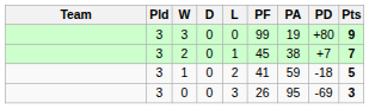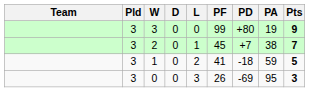 <table class="wikitable" style="text-align:center;">
 <tr>
 <th width=175>Team</th>
 <th width=25 abbr="Played">Pld</th>
 <th width=25 abbr="Won">W</th>
 <th width=25 abbr="Drawn">D</th>
 <th width=25 abbr="Lost">L</th>
 <th width=32 abbr="Points for">PF</th>
+<th width=32 abbr="Points difference">PD</th>
 <th width=32 abbr="Points against">PA</th>
-<th width=32 abbr="Points difference">PD</th>
 <th width=25 abbr="Points">Pts</th>
 </tr>
 <tr bgcolor=ccffcc>
 <td align=left></td>
 <td>3</td>
 <td>3</td>
 <td>0</td>
 <td>0</td>
 <td>99</td>
+<td>+80</td>
 <td>19</td>
-<td>+80</td>
 <td><strong>9</strong></td>
 </tr>
 <tr bgcolor=ccffcc>
 <td align=left></td>
 <td>3</td>
 <td>2</td>
 <td>0</td>
 <td>1</td>
 <td>45</td>
+<td>+7</td>
 <td>38</td>
-<td>+7</td>
 <td><strong>7</strong></td>
 </tr>
 <tr>
 <td align=left></td>
 <td>3</td>
 <td>1</td>
 <td>0</td>
 <td>2</td>
 <td>41</td>
+<td>-18</td>
 <td>59</td>
-<td>-18</td>
 <td><strong>5</strong></td>
 </tr>
 <tr>
 <td align=left></td>
 <td>3</td>
 <td>0</td>
 <td>0</td>
 <td>3</td>
 <td>26</td>
+<td>-69</td>
 <td>95</td>
-<td>-69</td>
 <td><strong>3</strong></td>
 </tr>
 </table>
